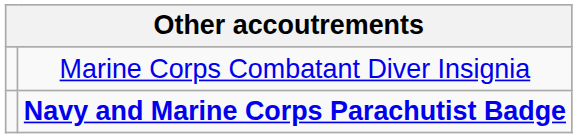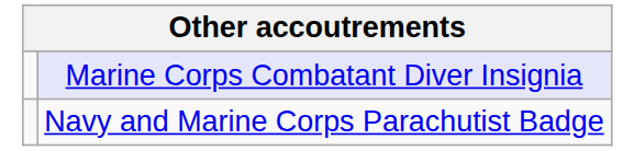 <table class="wikitable" style="margin:1em auto; text-align:center;">
 <tr>
 <th colspan="12"><strong>Other accoutrements</strong></th>
 </tr>
 <tr>
 <td></td>
-<td><a href='#'>Marine Corps Combatant Diver Insignia</a></td>
+<td style="background: lavender;"><a href='#'>Marine Corps Combatant Diver Insignia</a></td>
 </tr>
 <tr>
 <td></td>
-<td><strong><a href='#'>Navy and Marine Corps Parachutist Badge</a></strong></td>
+<td><a href='#'>Navy and Marine Corps Parachutist Badge</a></td>
 </tr>
 </table>
